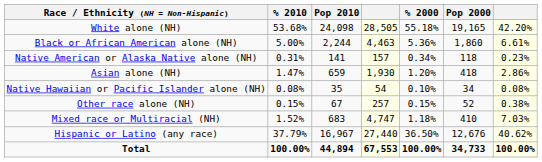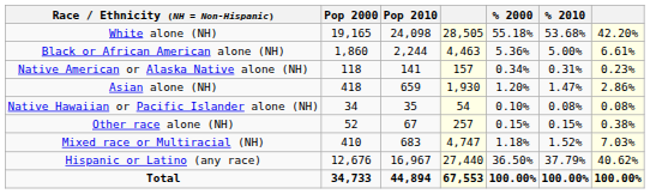 <table class="wikitable" style="text-align:center;">
 <tr>
 <th>Race / Ethnicity <small>(<em>NH = Non-Hispanic</em>)</small></th>
-<th>% 2010</th>
+<th>Pop 2000</th>
 <th>Pop 2010</th>
 <th></th>
 <th>% 2000</th>
-<th>Pop 2000</th>
+<th>% 2010</th>
 <th></th>
 </tr>
 <tr>
 <td><a href='#'>White</a> alone (NH)</td>
-<td>53.68%</td>
+<td>19,165</td>
 <td>24,098</td>
 <td style='background: #ffffe6;'>28,505</td>
 <td>55.18%</td>
-<td>19,165</td>
+<td>53.68%</td>
 <td style='background: #ffffe6;'>42.20%</td>
 </tr>
 <tr>
 <td><a href='#'>Black or African American</a> alone (NH)</td>
-<td>5.00%</td>
+<td>1,860</td>
 <td>2,244</td>
 <td style='background: #ffffe6;'>4,463</td>
 <td>5.36%</td>
-<td>1,860</td>
+<td>5.00%</td>
 <td style='background: #ffffe6;'>6.61%</td>
 </tr>
 <tr>
 <td><a href='#'>Native American</a> or <a href='#'>Alaska Native</a> alone (NH)</td>
-<td>0.31%</td>
+<td>118</td>
 <td>141</td>
 <td style='background: #ffffe6;'>157</td>
 <td>0.34%</td>
-<td>118</td>
+<td>0.31%</td>
 <td style='background: #ffffe6;'>0.23%</td>
 </tr>
 <tr>
 <td><a href='#'>Asian</a> alone (NH)</td>
-<td>1.47%</td>
+<td>418</td>
 <td>659</td>
 <td style='background: #ffffe6;'>1,930</td>
 <td>1.20%</td>
-<td>418</td>
+<td>1.47%</td>
 <td style='background: #ffffe6;'>2.86%</td>
 </tr>
 <tr>
 <td><a href='#'>Native Hawaiian</a> or <a href='#'>Pacific Islander</a> alone (NH)</td>
-<td>0.08%</td>
+<td>34</td>
 <td>35</td>
 <td style='background: #ffffe6;'>54</td>
 <td>0.10%</td>
-<td>34</td>
+<td>0.08%</td>
 <td style='background: #ffffe6;'>0.08%</td>
 </tr>
 <tr>
 <td><a href='#'>Other race</a> alone (NH)</td>
-<td>0.15%</td>
+<td>52</td>
 <td>67</td>
 <td style='background: #ffffe6;'>257</td>
 <td>0.15%</td>
-<td>52</td>
+<td>0.15%</td>
 <td style='background: #ffffe6;'>0.38%</td>
 </tr>
 <tr>
 <td><a href='#'>Mixed race or Multiracial</a> (NH)</td>
-<td>1.52%</td>
+<td>410</td>
 <td>683</td>
 <td style='background: #ffffe6;'>4,747</td>
 <td>1.18%</td>
-<td>410</td>
+<td>1.52%</td>
 <td style='background: #ffffe6;'>7.03%</td>
 </tr>
 <tr>
 <td><a href='#'>Hispanic or Latino</a> (any race)</td>
-<td>37.79%</td>
+<td>12,676</td>
 <td>16,967</td>
 <td style='background: #ffffe6;'>27,440</td>
 <td>36.50%</td>
-<td>12,676</td>
+<td>37.79%</td>
 <td style='background: #ffffe6;'>40.62%</td>
 </tr>
 <tr>
 <td><strong>Total</strong></td>
-<td><strong>100.00%</strong></td>
+<td><strong>34,733</strong></td>
 <td><strong>44,894</strong></td>
 <td style='background: #ffffe6;'><strong>67,553</strong></td>
 <td><strong>100.00%</strong></td>
-<td><strong>34,733</strong></td>
+<td><strong>100.00%</strong></td>
 <td style='background: #ffffe6;'><strong>100.00%</strong></td>
 </tr>
 </table>
